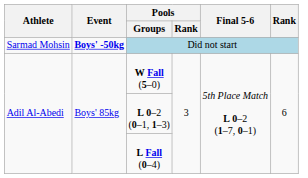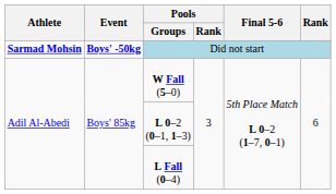 <table class=wikitable style=font-size:90%>
 <tr>
 <th rowspan="2">Athlete</th>
 <th rowspan="2">Event</th>
 <th colspan="2">Pools</th>
 <th rowspan="2">Final 5-6</th>
 <th rowspan="2">Rank</th>
 </tr>
 <tr>
 <th>Groups</th>
 <th>Rank</th>
 </tr>
 <tr>
-<td><a href='#'>Sarmad Mohsin</a></td>
+<td><strong><a href='#'>Sarmad Mohsin</a></strong></td>
 <td><strong><a href='#'>Boys' -50kg</a></strong></td>
 <td align=center colspan=4 bgcolor=lightblue>Did not start</td>
 </tr>
 <tr>
 <td rowspan="3"><a href='#'>Adil Al-Abedi</a></td>
 <td rowspan="3"><a href='#'>Boys' 85kg</a></td>
 <td align=center><br><strong>W</strong> <strong><a href='#'>Fall</a></strong><br>(<strong>5</strong>–0)</td>
 <td rowspan="3" align=center>3</td>
 <td align=center rowspan=3><em>5th Place Match</em><br><br><strong>L</strong> <strong>0</strong>–2<br>(<strong>1</strong>–7, <strong>0</strong>–1)</td>
 <td rowspan="3" align="center">6</td>
 </tr>
 <tr>
 <td align=center><br><strong>L</strong> <strong>0</strong>–2<br>(<strong>0</strong>–1, <strong>1</strong>–3)</td>
 </tr>
 <tr>
 <td align=center><br><strong>L</strong> <strong><a href='#'>Fall</a></strong><br>(<strong>0</strong>–4)</td>
 </tr>
 </table>
